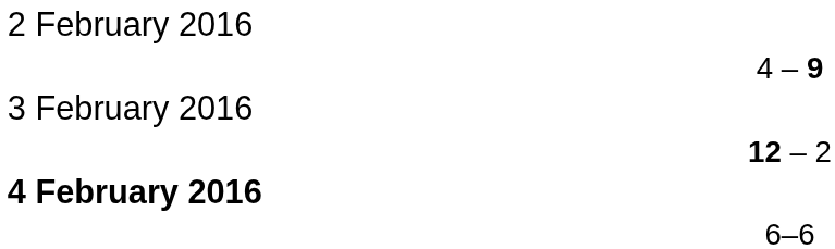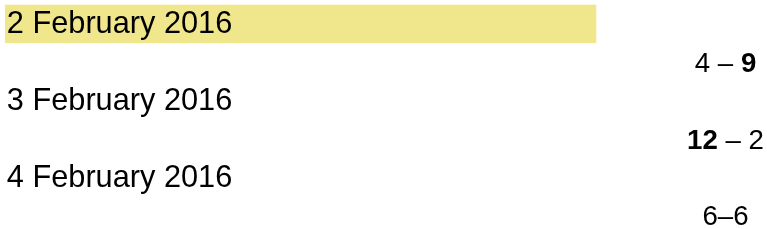 <table style="width:70%;" cellspacing="1">
 <tr>
 <th width=35%></th>
 <th width=15%></th>
 <th></th>
 </tr>
 <tr>
-<td>2 February 2016</td>
+<td style="background: khaki;">2 February 2016</td>
 </tr>
 <tr style=font-size:90%>
 <td align=right></td>
 <td align=center>4 – <strong>9</strong></td>
 <td><strong></strong></td>
 </tr>
 <tr>
 <td>3 February 2016</td>
 </tr>
 <tr style=font-size:90%>
 <td align=right><strong></strong></td>
 <td align=center><strong>12</strong> – 2</td>
 <td></td>
 </tr>
 <tr>
-<td><strong>4 February 2016</strong></td>
+<td>4 February 2016</td>
 </tr>
 <tr style=font-size:90%>
 <td align=right></td>
 <td align=center>6–6</td>
 <td></td>
 </tr>
 </table>
